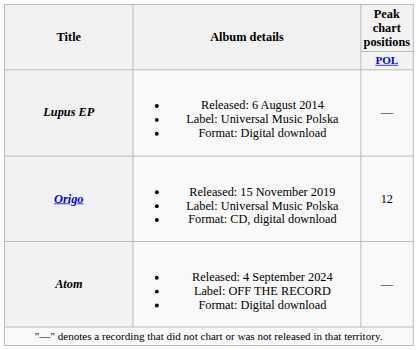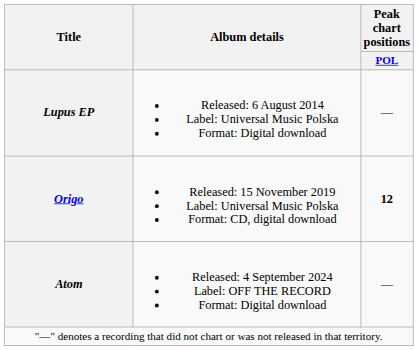 <table class="wikitable plainrowheaders" style="text-align:center;">
 <tr>
 <th rowspan="2" scope="col" style="width:10em;">Title</th>
 <th rowspan="2" scope="col" style="width:18em;">Album details</th>
 <th colspan="1" scope="col">Peak chart positions</th>
 </tr>
 <tr>
 <th scope="col" style="width:3em;font-size:90%;"><a href='#'>POL</a><br></th>
 </tr>
 <tr>
 <th scope="row"><em>Lupus EP</em></th>
 <td><br><ul><li>Released: 6 August 2014</li><li>Label: Universal Music Polska</li><li>Format: Digital download</li></ul></td>
 <td>—</td>
 </tr>
 <tr>
 <th scope="row"><em><a href='#'>Origo</a></em></th>
 <td><br><ul><li>Released: 15 November 2019</li><li>Label: Universal Music Polska</li><li>Format: CD, digital download</li></ul></td>
-<td>12</td>
+<td><strong>12</strong></td>
 </tr>
 <tr>
 <th scope="row"><em>Atom</em></th>
 <td><br><ul><li>Released: 4 September 2024</li><li>Label: OFF THE RECORD</li><li>Format: Digital download</li></ul></td>
 <td>—</td>
 </tr>
 <tr>
 <td colspan="3" style="font-size:90%">"—" denotes a recording that did not chart or was not released in that territory.</td>
 </tr>
 </table>
